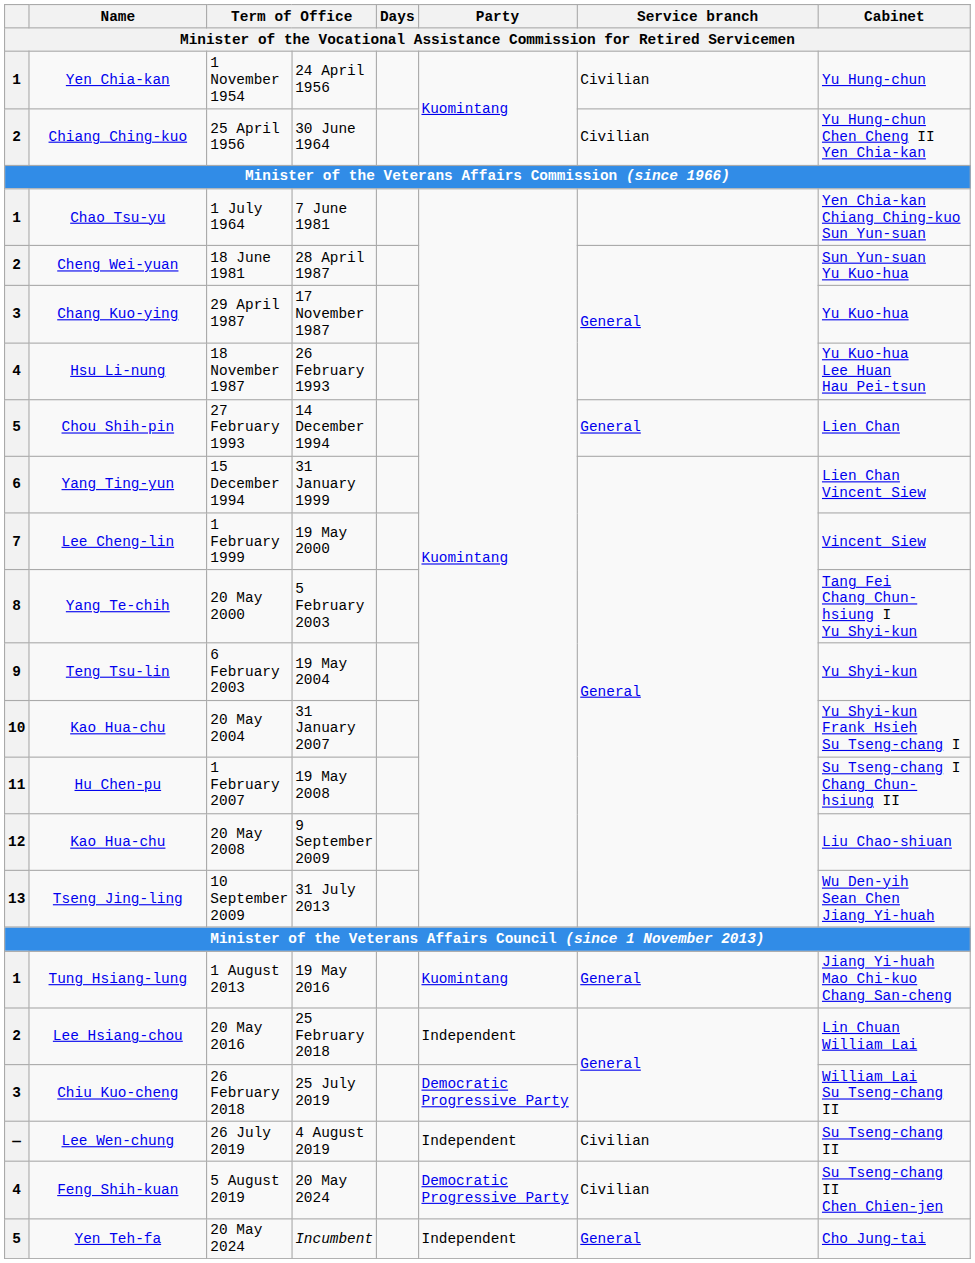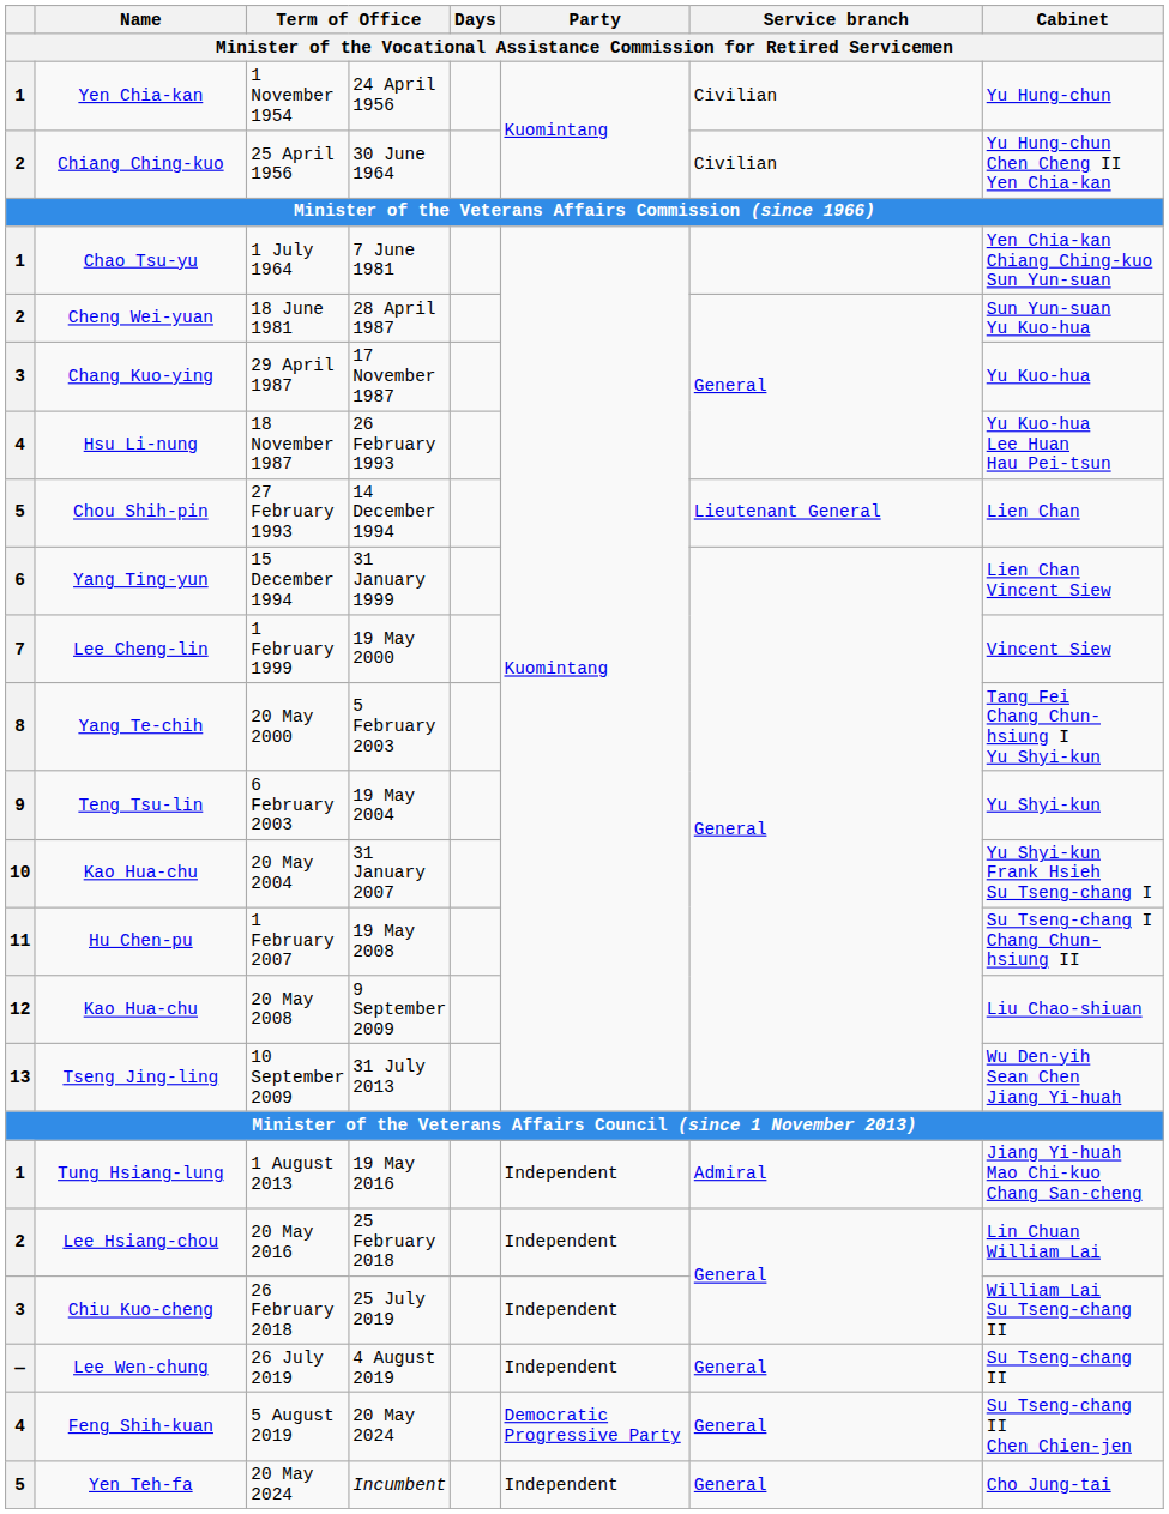 <table class="wikitable">
 <tr ->
 <th></th>
 <th width="180">Name</th>
 <th colspan=2 width="180">Term of Office</th>
 <th>Days</th>
 <th width="150">Party</th>
 <th width="250">Service branch</th>
 <th width="150">Cabinet</th>
 </tr>
 <tr ->
 <th colspan=8>Minister of the Vocational Assistance Commission for Retired Servicemen</th>
 </tr>
 <tr ->
 <th style="background:">1</th>
 <td align=center><a href='#'>Yen Chia-kan</a><br></td>
 <td>1 November 1954</td>
 <td>24 April 1956</td>
 <td></td>
 <td rowspan="2"><a href='#'>Kuomintang</a></td>
 <td>Civilian</td>
 <td><a href='#'>Yu Hung-chun</a></td>
 </tr>
 <tr ->
 <th style="background:">2</th>
 <td align=center><a href='#'>Chiang Ching-kuo</a><br></td>
 <td>25 April 1956</td>
 <td>30 June 1964</td>
 <td></td>
 <td>Civilian</td>
 <td><a href='#'>Yu Hung-chun</a><br><a href='#'>Chen Cheng</a> II<br><a href='#'>Yen Chia-kan</a></td>
 </tr>
 <tr ->
 <th colspan=8 style="background:#318CE7; color:white;">Minister of the Veterans Affairs Commission <em>(since 1966)</em></th>
 </tr>
 <tr ->
 <th style="background:">1</th>
 <td align=center><a href='#'>Chao Tsu-yu</a><br></td>
 <td>1 July 1964</td>
 <td>7 June 1981</td>
 <td></td>
 <td rowspan="13"><a href='#'>Kuomintang</a></td>
 <td></td>
 <td><a href='#'>Yen Chia-kan</a><br><a href='#'>Chiang Ching-kuo</a><br><a href='#'>Sun Yun-suan</a></td>
 </tr>
 <tr ->
 <th style="background:">2</th>
 <td align=center><a href='#'>Cheng Wei-yuan</a><br></td>
 <td>18 June 1981</td>
 <td>28 April 1987</td>
 <td></td>
 <td rowspan="3"> <a href='#'>General</a></td>
 <td><a href='#'>Sun Yun-suan</a><br><a href='#'>Yu Kuo-hua</a></td>
 </tr>
 <tr ->
 <th style="background:">3</th>
 <td align=center><a href='#'>Chang Kuo-ying</a><br></td>
 <td>29 April 1987</td>
 <td>17 November 1987</td>
 <td></td>
 <td><a href='#'>Yu Kuo-hua</a></td>
 </tr>
 <tr ->
 <th style="background:">4</th>
 <td align=center><a href='#'>Hsu Li-nung</a><br></td>
 <td>18 November 1987</td>
 <td>26 February 1993</td>
 <td></td>
 <td><a href='#'>Yu Kuo-hua</a><br><a href='#'>Lee Huan</a><br><a href='#'>Hau Pei-tsun</a></td>
 </tr>
 <tr ->
 <th style="background:">5</th>
 <td align=center><a href='#'>Chou Shih-pin</a><br></td>
 <td>27 February 1993</td>
 <td>14 December 1994</td>
 <td></td>
-<td> <a href='#'>General</a></td>
+<td> <a href='#'>Lieutenant General</a></td>
 <td><a href='#'>Lien Chan</a></td>
 </tr>
 <tr ->
 <th style="background:">6</th>
 <td align=center><a href='#'>Yang Ting-yun</a><br></td>
 <td>15 December 1994</td>
 <td>31 January 1999</td>
 <td></td>
 <td rowspan="8"> <a href='#'>General</a></td>
 <td><a href='#'>Lien Chan</a><br><a href='#'>Vincent Siew</a></td>
 </tr>
 <tr ->
 <th style="background:">7</th>
 <td align=center><a href='#'>Lee Cheng-lin</a><br></td>
 <td>1 February 1999</td>
 <td>19 May 2000</td>
 <td></td>
 <td><a href='#'>Vincent Siew</a></td>
 </tr>
 <tr ->
 <th style="background:">8</th>
 <td align=center><a href='#'>Yang Te-chih</a><br></td>
 <td>20 May 2000</td>
 <td>5 February 2003</td>
 <td></td>
 <td><a href='#'>Tang Fei</a><br><a href='#'>Chang Chun-hsiung</a> I<br><a href='#'>Yu Shyi-kun</a></td>
 </tr>
 <tr ->
 <th style="background:">9</th>
 <td align=center><a href='#'>Teng Tsu-lin</a><br></td>
 <td>6 February 2003</td>
 <td>19 May 2004</td>
 <td></td>
 <td><a href='#'>Yu Shyi-kun</a></td>
 </tr>
 <tr ->
 <th style="background:">10</th>
 <td align=center><a href='#'>Kao Hua-chu</a><br></td>
 <td>20 May 2004</td>
 <td>31 January 2007</td>
 <td></td>
 <td><a href='#'>Yu Shyi-kun</a><br><a href='#'>Frank Hsieh</a><br><a href='#'>Su Tseng-chang</a> I</td>
 </tr>
 <tr ->
 <th style="background:">11</th>
 <td align=center><a href='#'>Hu Chen-pu</a><br></td>
 <td>1 February 2007</td>
 <td>19 May 2008</td>
 <td></td>
 <td><a href='#'>Su Tseng-chang</a> I<br><a href='#'>Chang Chun-hsiung</a> II</td>
 </tr>
 <tr ->
 <th style="background:">12</th>
 <td align=center><a href='#'>Kao Hua-chu</a><br></td>
 <td>20 May 2008</td>
 <td>9 September 2009</td>
 <td></td>
 <td><a href='#'>Liu Chao-shiuan</a></td>
 </tr>
 <tr ->
 <th style="background:">13</th>
 <td align=center><a href='#'>Tseng Jing-ling</a><br></td>
 <td>10 September 2009</td>
 <td>31 July 2013</td>
 <td></td>
 <td><a href='#'>Wu Den-yih</a><br><a href='#'>Sean Chen</a> <br><a href='#'>Jiang Yi-huah</a></td>
 </tr>
 <tr ->
 <th colspan=8 style="background:#318CE7; color:white;">Minister of the Veterans Affairs Council <em>(since 1 November 2013)</em></th>
 </tr>
 <tr ->
 <th style="background:">1</th>
 <td align=center><a href='#'>Tung Hsiang-lung</a><br></td>
 <td>1 August 2013</td>
 <td>19 May 2016</td>
 <td></td>
-<td><a href='#'>Kuomintang</a></td>
-<td> <a href='#'>General</a></td>
+<td>Independent</td>
+<td> <a href='#'>Admiral</a></td>
 <td><a href='#'>Jiang Yi-huah</a><br><a href='#'>Mao Chi-kuo</a><br><a href='#'>Chang San-cheng</a></td>
 </tr>
 <tr ->
 <th style="background:">2</th>
 <td align=center><a href='#'>Lee Hsiang-chou</a><br></td>
 <td>20 May 2016</td>
 <td>25 February 2018</td>
 <td></td>
 <td>Independent</td>
 <td rowspan="2"> <a href='#'>General</a></td>
 <td><a href='#'>Lin Chuan</a><br><a href='#'>William Lai</a></td>
 </tr>
 <tr ->
 <th style="background:">3</th>
 <td align=center><a href='#'>Chiu Kuo-cheng</a><br></td>
 <td>26 February 2018</td>
 <td>25 July 2019</td>
 <td></td>
-<td><a href='#'>Democratic Progressive Party</a></td>
+<td>Independent</td>
 <td><a href='#'>William Lai</a><br><a href='#'>Su Tseng-chang</a> II</td>
 </tr>
 <tr ->
 <th style="background:">—</th>
 <td align=center><a href='#'>Lee Wen-chung</a><br></td>
 <td>26 July 2019</td>
 <td>4 August 2019</td>
 <td></td>
 <td>Independent</td>
-<td>Civilian</td>
+<td> <a href='#'>General</a></td>
 <td><a href='#'>Su Tseng-chang</a> II</td>
 </tr>
 <tr ->
 <th style="background:">4</th>
 <td align=center><a href='#'>Feng Shih-kuan</a><br></td>
 <td>5 August 2019</td>
 <td>20 May 2024</td>
 <td></td>
 <td><a href='#'>Democratic Progressive Party</a></td>
-<td>Civilian</td>
+<td> <a href='#'>General</a></td>
 <td><a href='#'>Su Tseng-chang</a> II<br><a href='#'>Chen Chien-jen</a></td>
 </tr>
 <tr ->
 <th style="background:">5</th>
 <td align=center><a href='#'>Yen Teh-fa</a><br></td>
 <td>20 May 2024</td>
 <td><em>Incumbent</em></td>
 <td></td>
 <td>Independent</td>
 <td> <a href='#'>General</a></td>
 <td><a href='#'>Cho Jung-tai</a></td>
 </tr>
 <tr ->
 </tr>
 </table>
